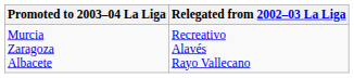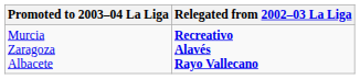 <table class="wikitable">
 <tr>
 <th> Promoted to 2003–04 La Liga</th>
 <th> Relegated from <a href='#'>2002–03 La Liga</a></th>
 </tr>
 <tr>
 <td><a href='#'>Murcia</a><br><a href='#'>Zaragoza</a><br><a href='#'>Albacete</a></td>
-<td><a href='#'>Recreativo</a><br><a href='#'>Alavés</a><br><a href='#'>Rayo Vallecano</a></td>
+<td><strong><a href='#'>Recreativo</a><br><a href='#'>Alavés</a><br><a href='#'>Rayo Vallecano</a></strong></td>
 </tr>
 </table>
